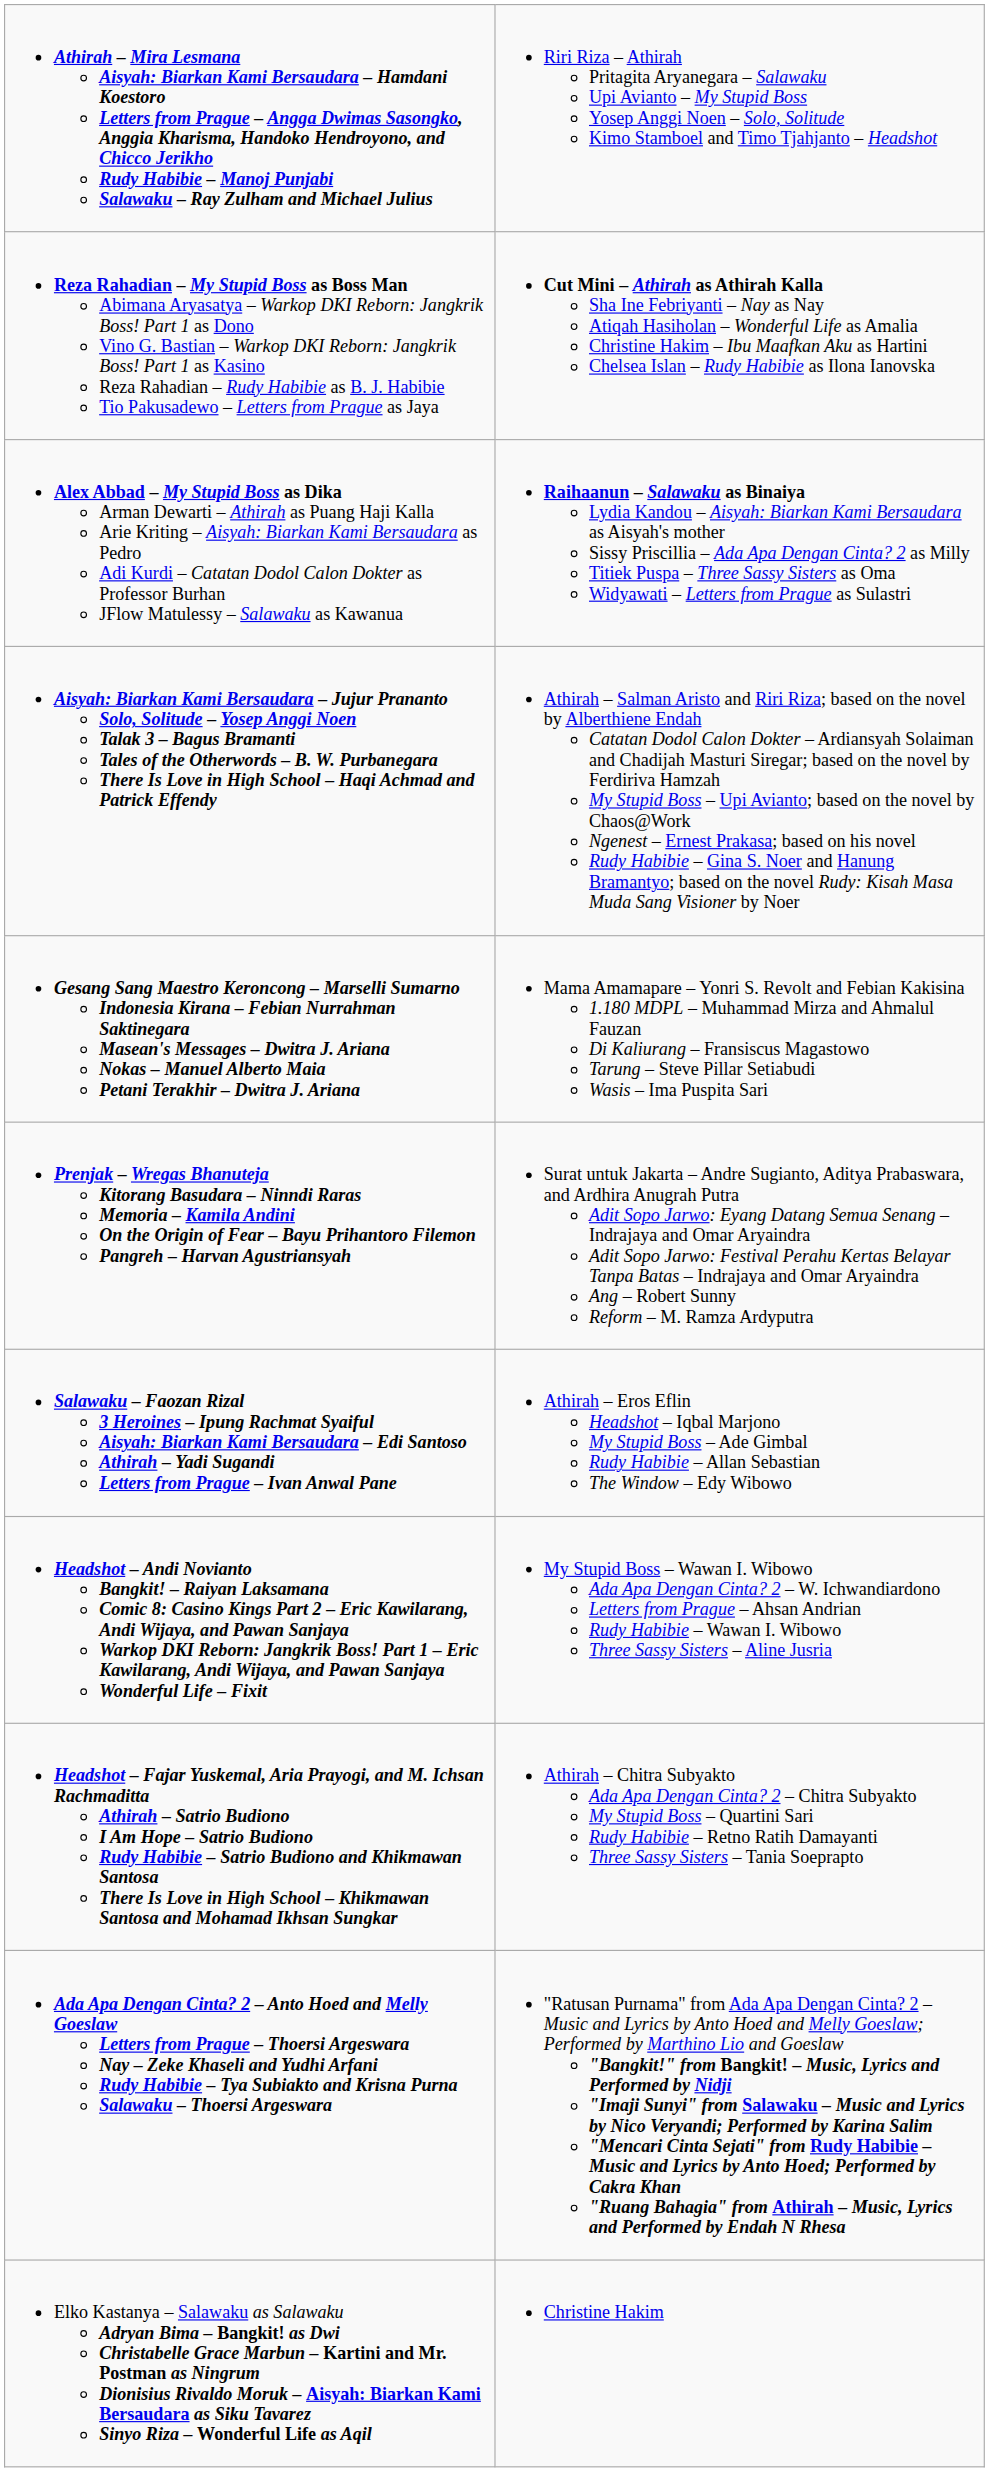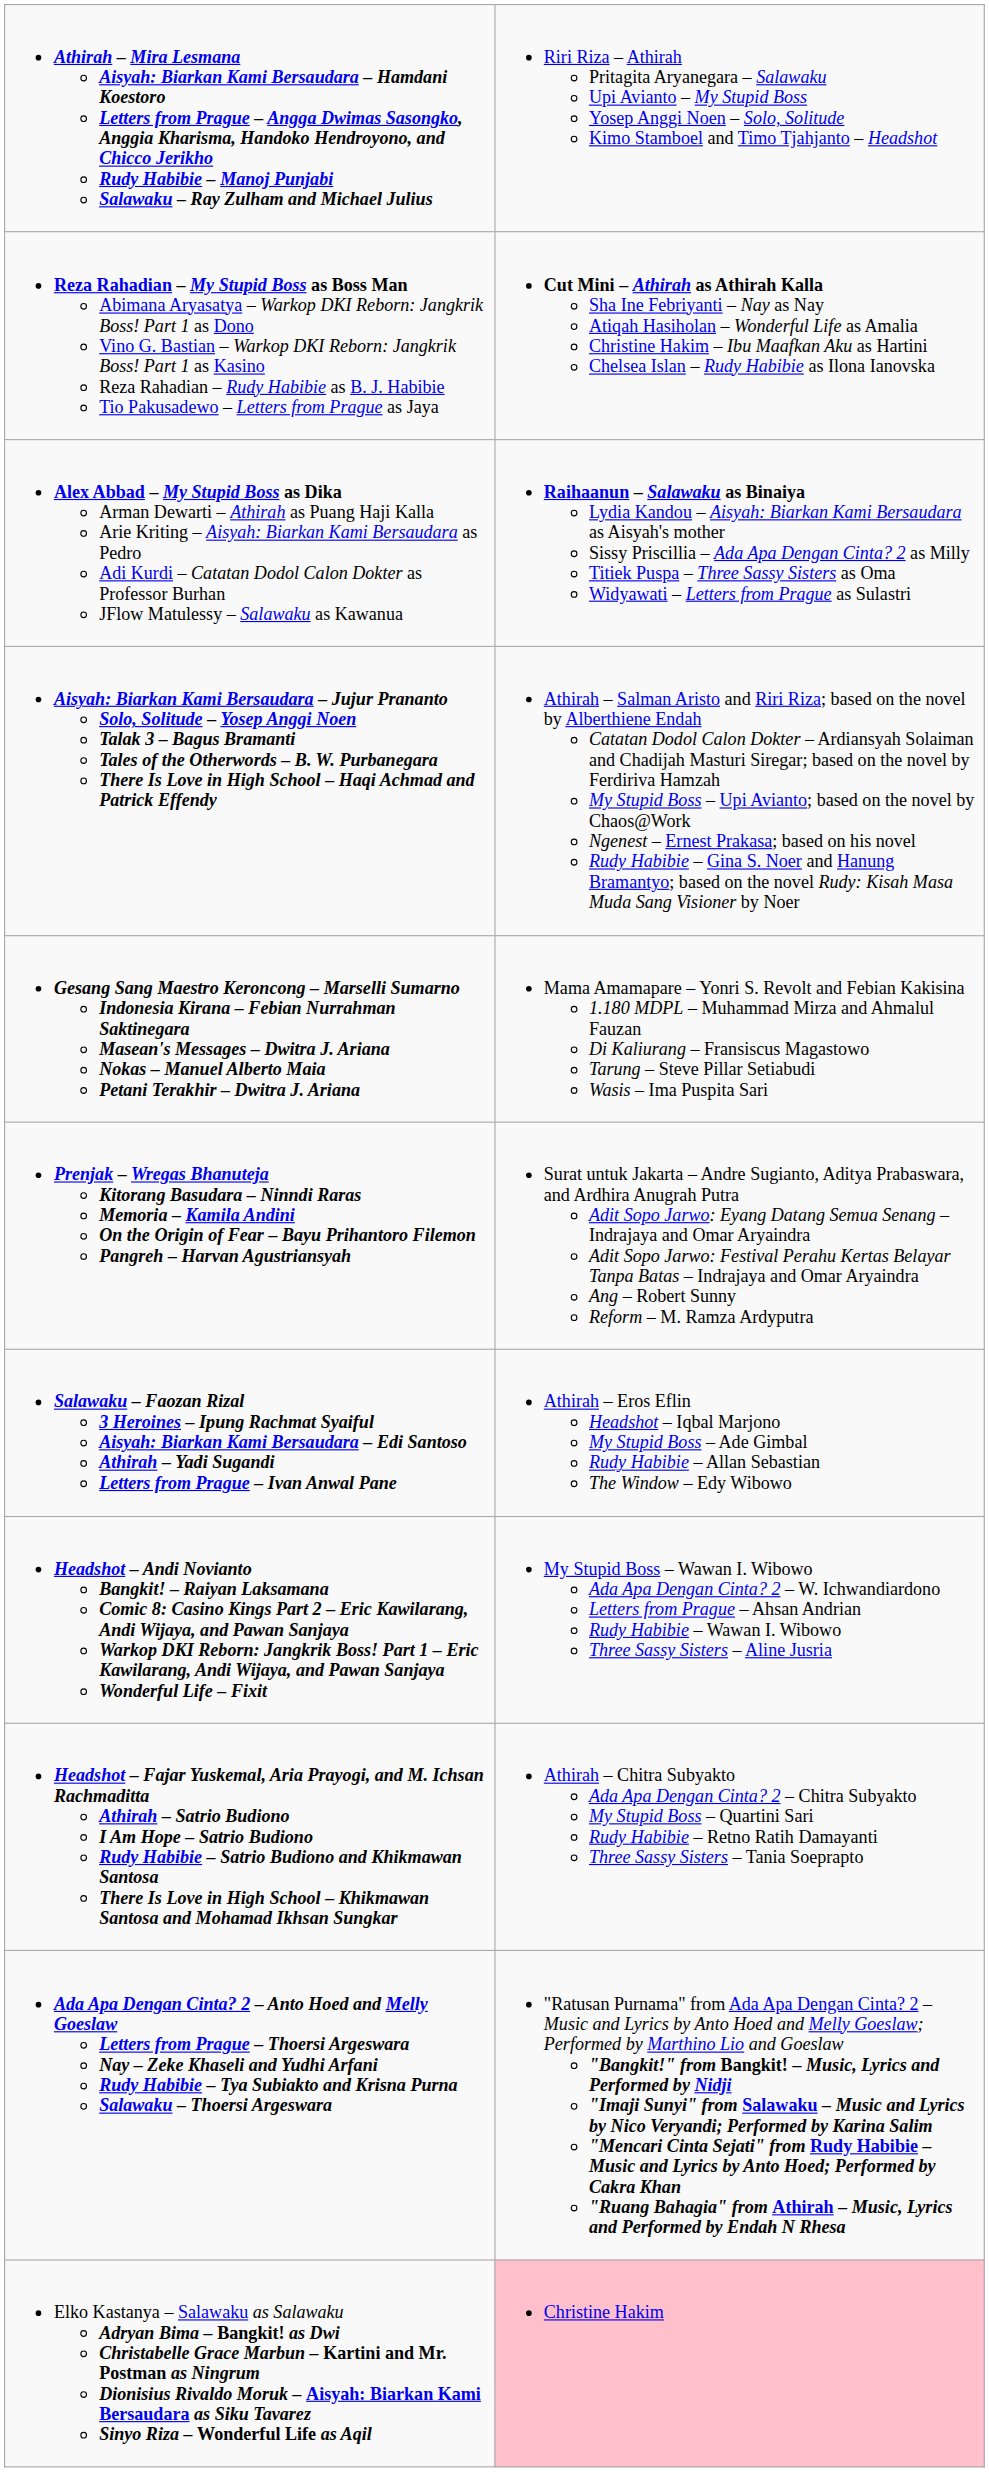 <table class="wikitable" role="presentation">
 <tr>
 <td style="vertical-align:top; width:50%;"><br><ul><li><strong><em><a href='#'>Athirah</a><em> – <a href='#'>Mira Lesmana</a><strong><ul><li></em><a href='#'>Aisyah: Biarkan Kami Bersaudara</a><em> – Hamdani Koestoro</li><li></em><a href='#'>Letters from Prague</a><em> – <a href='#'>Angga Dwimas Sasongko</a>, Anggia Kharisma, Handoko Hendroyono, and <a href='#'>Chicco Jerikho</a></li><li></em><a href='#'>Rudy Habibie</a><em> – <a href='#'>Manoj Punjabi</a></li><li></em><a href='#'>Salawaku</a><em> – Ray Zulham and Michael Julius</li></ul></li></ul></td>
 <td style="vertical-align:top; width:50%;"><br><ul><li></strong><a href='#'>Riri Riza</a> – </em><a href='#'>Athirah</a></em></strong><ul><li>Pritagita Aryanegara – <em><a href='#'>Salawaku</a></em></li><li><a href='#'>Upi Avianto</a> – <em><a href='#'>My Stupid Boss</a></em></li><li><a href='#'>Yosep Anggi Noen</a> – <em><a href='#'>Solo, Solitude</a></em></li><li><a href='#'>Kimo Stamboel</a> and <a href='#'>Timo Tjahjanto</a> – <em><a href='#'>Headshot</a></em></li></ul></li></ul></td>
 </tr>
 <tr>
 <td style="vertical-align:top; width:50%;"><br><ul><li><strong><a href='#'>Reza Rahadian</a> – <em><a href='#'>My Stupid Boss</a></em> as Boss Man</strong><ul><li><a href='#'>Abimana Aryasatya</a> – <em>Warkop DKI Reborn: Jangkrik Boss! Part 1</em> as <a href='#'>Dono</a></li><li><a href='#'>Vino G. Bastian</a> – <em>Warkop DKI Reborn: Jangkrik Boss! Part 1</em> as <a href='#'>Kasino</a></li><li>Reza Rahadian – <em><a href='#'>Rudy Habibie</a></em> as <a href='#'>B. J. Habibie</a></li><li><a href='#'>Tio Pakusadewo</a> – <em><a href='#'>Letters from Prague</a></em> as Jaya</li></ul></li></ul></td>
 <td style="vertical-align:top; width:50%;"><br><ul><li><strong>Cut Mini – <em><a href='#'>Athirah</a></em> as Athirah Kalla</strong><ul><li><a href='#'>Sha Ine Febriyanti</a> – <em>Nay</em> as Nay</li><li><a href='#'>Atiqah Hasiholan</a> – <em>Wonderful Life</em> as Amalia</li><li><a href='#'>Christine Hakim</a> – <em>Ibu Maafkan Aku</em> as Hartini</li><li><a href='#'>Chelsea Islan</a> – <em><a href='#'>Rudy Habibie</a></em> as Ilona Ianovska</li></ul></li></ul></td>
 </tr>
 <tr>
 <td style="vertical-align:top; width:50%;"><br><ul><li><strong><a href='#'>Alex Abbad</a> – <em><a href='#'>My Stupid Boss</a></em> as Dika</strong><ul><li>Arman Dewarti – <em><a href='#'>Athirah</a></em> as Puang Haji Kalla</li><li>Arie Kriting – <em><a href='#'>Aisyah: Biarkan Kami Bersaudara</a></em> as Pedro</li><li><a href='#'>Adi Kurdi</a> – <em>Catatan Dodol Calon Dokter</em> as Professor Burhan</li><li>JFlow Matulessy – <em><a href='#'>Salawaku</a></em> as Kawanua</li></ul></li></ul></td>
 <td style="vertical-align:top; width:50%;"><br><ul><li><strong><a href='#'>Raihaanun</a> – <em><a href='#'>Salawaku</a></em> as Binaiya</strong><ul><li><a href='#'>Lydia Kandou</a> – <em><a href='#'>Aisyah: Biarkan Kami Bersaudara</a></em> as Aisyah's mother</li><li>Sissy Priscillia – <em><a href='#'>Ada Apa Dengan Cinta? 2</a></em> as Milly</li><li><a href='#'>Titiek Puspa</a> – <em><a href='#'>Three Sassy Sisters</a></em> as Oma</li><li><a href='#'>Widyawati</a> – <em><a href='#'>Letters from Prague</a></em> as Sulastri</li></ul></li></ul></td>
 </tr>
 <tr>
 <td style="vertical-align:top; width:50%;"><br><ul><li><strong><em><a href='#'>Aisyah: Biarkan Kami Bersaudara</a><em> – Jujur Prananto<strong><ul><li></em><a href='#'>Solo, Solitude</a><em> – <a href='#'>Yosep Anggi Noen</a></li><li></em>Talak 3<em> – Bagus Bramanti</li><li></em>Tales of the Otherwords<em> – B. W. Purbanegara</li><li></em>There Is Love in High School<em> – Haqi Achmad and Patrick Effendy</li></ul></li></ul></td>
 <td style="vertical-align:top; width:50%;"><br><ul><li></em></strong><a href='#'>Athirah</a></em> – <a href='#'>Salman Aristo</a> and <a href='#'>Riri Riza</a>; based on the novel by <a href='#'>Alberthiene Endah</a></strong><ul><li><em>Catatan Dodol Calon Dokter</em> – Ardiansyah Solaiman and Chadijah Masturi Siregar; based on the novel by Ferdiriva Hamzah</li><li><em><a href='#'>My Stupid Boss</a></em> – <a href='#'>Upi Avianto</a>; based on the novel by Chaos@Work</li><li><em>Ngenest</em> – <a href='#'>Ernest Prakasa</a>; based on his novel</li><li><em><a href='#'>Rudy Habibie</a></em> – <a href='#'>Gina S. Noer</a> and <a href='#'>Hanung Bramantyo</a>; based on the novel <em>Rudy: Kisah Masa Muda Sang Visioner</em> by Noer</li></ul></li></ul></td>
 </tr>
 <tr>
 <td style="vertical-align:top; width:50%;"><br><ul><li><strong><em>Gesang Sang Maestro Keroncong<em> – Marselli Sumarno<strong><ul><li></em>Indonesia Kirana<em> – Febian Nurrahman Saktinegara</li><li></em>Masean's Messages<em> – Dwitra J. Ariana</li><li></em>Nokas<em> – Manuel Alberto Maia</li><li></em>Petani Terakhir<em> – Dwitra J. Ariana</li></ul></li></ul></td>
 <td style="vertical-align:top; width:50%;"><br><ul><li></em></strong>Mama Amamapare</em> – Yonri S. Revolt and Febian Kakisina</strong><ul><li><em>1.180 MDPL</em> – Muhammad Mirza and Ahmalul Fauzan</li><li><em>Di Kaliurang</em> – Fransiscus Magastowo</li><li><em>Tarung</em> – Steve Pillar Setiabudi</li><li><em>Wasis</em> – Ima Puspita Sari</li></ul></li></ul></td>
 </tr>
 <tr>
 <td style="vertical-align:top; width:50%;"><br><ul><li><strong><em><a href='#'>Prenjak</a><em> – <a href='#'>Wregas Bhanuteja</a><strong><ul><li></em>Kitorang Basudara<em> – Ninndi Raras</li><li></em>Memoria<em> – <a href='#'>Kamila Andini</a></li><li></em>On the Origin of Fear<em> – Bayu Prihantoro Filemon</li><li></em>Pangreh<em> – Harvan Agustriansyah</li></ul></li></ul></td>
 <td style="vertical-align:top; width:50%;"><br><ul><li></em></strong>Surat untuk Jakarta</em> – Andre Sugianto, Aditya Prabaswara, and Ardhira Anugrah Putra</strong><ul><li><em><a href='#'>Adit Sopo Jarwo</a>: Eyang Datang Semua Senang</em> – Indrajaya and Omar Aryaindra</li><li><em>Adit Sopo Jarwo: Festival Perahu Kertas Belayar Tanpa Batas</em> – Indrajaya and Omar Aryaindra</li><li><em>Ang</em> – Robert Sunny</li><li><em>Reform</em> – M. Ramza Ardyputra</li></ul></li></ul></td>
 </tr>
 <tr>
 <td style="vertical-align:top; width:50%;"><br><ul><li><strong><em><a href='#'>Salawaku</a><em> – Faozan Rizal<strong><ul><li></em><a href='#'>3 Heroines</a><em> – Ipung Rachmat Syaiful</li><li></em><a href='#'>Aisyah: Biarkan Kami Bersaudara</a><em> – Edi Santoso</li><li></em><a href='#'>Athirah</a><em> – Yadi Sugandi</li><li></em><a href='#'>Letters from Prague</a><em> – Ivan Anwal Pane</li></ul></li></ul></td>
 <td style="vertical-align:top; width:50%;"><br><ul><li></em></strong><a href='#'>Athirah</a></em> – Eros Eflin</strong><ul><li><em><a href='#'>Headshot</a></em> – Iqbal Marjono</li><li><em><a href='#'>My Stupid Boss</a></em> – Ade Gimbal</li><li><em><a href='#'>Rudy Habibie</a></em> – Allan Sebastian</li><li><em>The Window</em> – Edy Wibowo</li></ul></li></ul></td>
 </tr>
 <tr>
 <td style="vertical-align:top; width:50%;"><br><ul><li><strong><em><a href='#'>Headshot</a><em> – Andi Novianto<strong><ul><li></em>Bangkit!<em> – Raiyan Laksamana</li><li></em>Comic 8: Casino Kings Part 2<em> – Eric Kawilarang, Andi Wijaya, and Pawan Sanjaya</li><li></em>Warkop DKI Reborn: Jangkrik Boss! Part 1<em> – Eric Kawilarang, Andi Wijaya, and Pawan Sanjaya</li><li></em>Wonderful Life<em> – Fixit</li></ul></li></ul></td>
 <td style="vertical-align:top; width:50%;"><br><ul><li></em></strong><a href='#'>My Stupid Boss</a></em> – Wawan I. Wibowo</strong><ul><li><em><a href='#'>Ada Apa Dengan Cinta? 2</a></em> – W. Ichwandiardono</li><li><em><a href='#'>Letters from Prague</a></em> – Ahsan Andrian</li><li><em><a href='#'>Rudy Habibie</a></em> – Wawan I. Wibowo</li><li><em><a href='#'>Three Sassy Sisters</a></em> – <a href='#'>Aline Jusria</a></li></ul></li></ul></td>
 </tr>
 <tr>
 <td style="vertical-align:top; width:50%;"><br><ul><li><strong><em><a href='#'>Headshot</a><em> – Fajar Yuskemal, Aria Prayogi, and M. Ichsan Rachmaditta<strong><ul><li></em><a href='#'>Athirah</a><em> – Satrio Budiono</li><li></em>I Am Hope<em> – Satrio Budiono</li><li></em><a href='#'>Rudy Habibie</a><em> – Satrio Budiono and Khikmawan Santosa</li><li></em>There Is Love in High School<em> – Khikmawan Santosa and Mohamad Ikhsan Sungkar</li></ul></li></ul></td>
 <td style="vertical-align:top; width:50%;"><br><ul><li></em></strong><a href='#'>Athirah</a></em> – Chitra Subyakto</strong><ul><li><em><a href='#'>Ada Apa Dengan Cinta? 2</a></em> – Chitra Subyakto</li><li><em><a href='#'>My Stupid Boss</a></em> – Quartini Sari</li><li><em><a href='#'>Rudy Habibie</a></em> – Retno Ratih Damayanti</li><li><em><a href='#'>Three Sassy Sisters</a></em> – Tania Soeprapto</li></ul></li></ul></td>
 </tr>
 <tr>
 <td style="vertical-align:top; width:50%;"><br><ul><li><strong><em><a href='#'>Ada Apa Dengan Cinta? 2</a><em> – Anto Hoed and <a href='#'>Melly Goeslaw</a><strong><ul><li></em><a href='#'>Letters from Prague</a><em> – Thoersi Argeswara</li><li></em>Nay<em> – Zeke Khaseli and Yudhi Arfani</li><li></em><a href='#'>Rudy Habibie</a><em> – Tya Subiakto and Krisna Purna</li><li></em><a href='#'>Salawaku</a><em> – Thoersi Argeswara</li></ul></li></ul></td>
 <td style="vertical-align:top; width:50%;"><br><ul><li></strong>"Ratusan Purnama" from </em><a href='#'>Ada Apa Dengan Cinta? 2</a><em> – Music and Lyrics by Anto Hoed and <a href='#'>Melly Goeslaw</a>; Performed by <a href='#'>Marthino Lio</a> and Goeslaw<strong><ul><li>"Bangkit!" from </em>Bangkit!<em> – Music, Lyrics and Performed by <a href='#'>Nidji</a></li><li>"Imaji Sunyi" from </em><a href='#'>Salawaku</a><em> – Music and Lyrics by Nico Veryandi; Performed by Karina Salim</li><li>"Mencari Cinta Sejati" from </em><a href='#'>Rudy Habibie</a><em> – Music and Lyrics by Anto Hoed; Performed by Cakra Khan</li><li>"Ruang Bahagia" from </em><a href='#'>Athirah</a><em> – Music, Lyrics and Performed by Endah N Rhesa</li></ul></li></ul></td>
 </tr>
 <tr>
 <td style="vertical-align:top; width:50%;"><br><ul><li></strong>Elko Kastanya – </em><a href='#'>Salawaku</a><em> as Salawaku<strong><ul><li>Adryan Bima – </em>Bangkit!<em> as Dwi</li><li>Christabelle Grace Marbun – </em>Kartini and Mr. Postman<em> as Ningrum</li><li>Dionisius Rivaldo Moruk – </em><a href='#'>Aisyah: Biarkan Kami Bersaudara</a><em> as Siku Tavarez</li><li>Sinyo Riza – </em>Wonderful Life<em> as Aqil</li></ul></li></ul></td>
-<td style="vertical-align:top; width:50%;"><br><ul><li></strong><a href='#'>Christine Hakim</a><strong></li></ul></td>
+<td style="background: pink; vertical-align:top; width:50%;"><br><ul><li></strong><a href='#'>Christine Hakim</a><strong></li></ul></td>
 </tr>
 </table>
